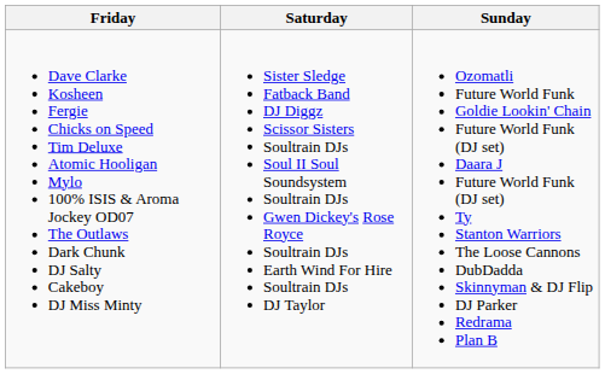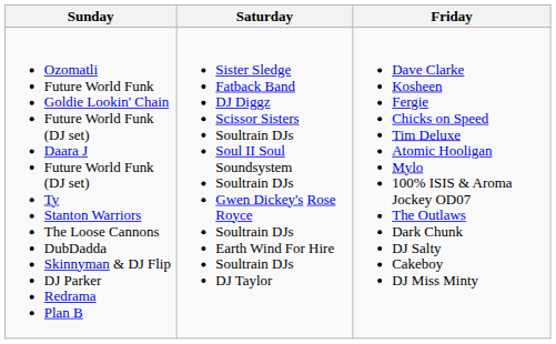 <table class="wikitable">
 <tr>
+<th>Sunday</th>
+<th>Saturday</th>
 <th>Friday</th>
-<th>Saturday</th>
-<th>Sunday</th>
 </tr>
 <tr valign="top">
+<td><br><ul><li><a href='#'>Ozomatli</a></li><li>Future World Funk</li><li><a href='#'>Goldie Lookin' Chain</a></li><li>Future World Funk (DJ set)</li><li><a href='#'>Daara J</a></li><li>Future World Funk (DJ set)</li><li><a href='#'>Ty</a></li><li><a href='#'>Stanton Warriors</a></li><li>The Loose Cannons</li><li>DubDadda</li><li><a href='#'>Skinnyman</a> & DJ Flip</li><li>DJ Parker</li><li><a href='#'>Redrama</a></li><li><a href='#'>Plan B</a></li></ul></td>
+<td><br><ul><li><a href='#'>Sister Sledge</a></li><li><a href='#'>Fatback Band</a></li><li><a href='#'>DJ Diggz</a></li><li><a href='#'>Scissor Sisters</a></li><li>Soultrain DJs</li><li><a href='#'>Soul II Soul</a> Soundsystem</li><li>Soultrain DJs</li><li><a href='#'>Gwen Dickey's</a> <a href='#'>Rose Royce</a></li><li>Soultrain DJs</li><li>Earth Wind For Hire</li><li>Soultrain DJs</li><li>DJ Taylor</li></ul></td>
 <td><br><ul><li><a href='#'>Dave Clarke</a></li><li><a href='#'>Kosheen</a></li><li><a href='#'>Fergie</a></li><li><a href='#'>Chicks on Speed</a></li><li><a href='#'>Tim Deluxe</a></li><li><a href='#'>Atomic Hooligan</a></li><li><a href='#'>Mylo</a></li><li>100% ISIS & Aroma Jockey OD07</li><li><a href='#'>The Outlaws</a></li><li>Dark Chunk</li><li>DJ Salty</li><li>Cakeboy</li><li>DJ Miss Minty</li></ul></td>
-<td><br><ul><li><a href='#'>Sister Sledge</a></li><li><a href='#'>Fatback Band</a></li><li><a href='#'>DJ Diggz</a></li><li><a href='#'>Scissor Sisters</a></li><li>Soultrain DJs</li><li><a href='#'>Soul II Soul</a> Soundsystem</li><li>Soultrain DJs</li><li><a href='#'>Gwen Dickey's</a> <a href='#'>Rose Royce</a></li><li>Soultrain DJs</li><li>Earth Wind For Hire</li><li>Soultrain DJs</li><li>DJ Taylor</li></ul></td>
-<td><br><ul><li><a href='#'>Ozomatli</a></li><li>Future World Funk</li><li><a href='#'>Goldie Lookin' Chain</a></li><li>Future World Funk (DJ set)</li><li><a href='#'>Daara J</a></li><li>Future World Funk (DJ set)</li><li><a href='#'>Ty</a></li><li><a href='#'>Stanton Warriors</a></li><li>The Loose Cannons</li><li>DubDadda</li><li><a href='#'>Skinnyman</a> & DJ Flip</li><li>DJ Parker</li><li><a href='#'>Redrama</a></li><li><a href='#'>Plan B</a></li></ul></td>
 </tr>
 </table>
